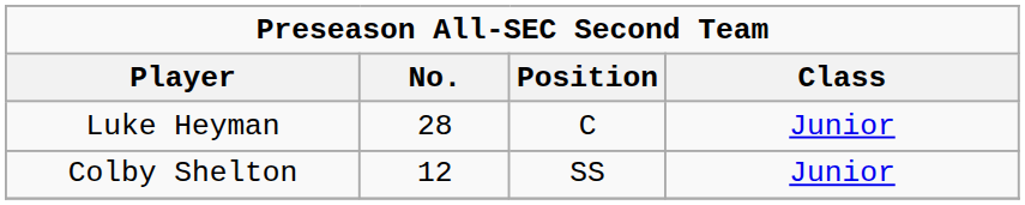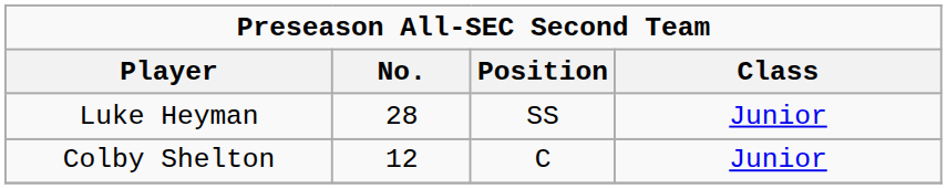 <table class="wikitable" style="text-align:center">
 <tr>
 <td colspan="5"><strong>Preseason All-SEC Second Team</strong></td>
 </tr>
 <tr>
 <th style="width:150px; ">Player</th>
 <th style="width:60px; ">No.</th>
 <th style="width:60px; ">Position</th>
 <th style="width:150px; ">Class</th>
 </tr>
 <tr>
 <td>Luke Heyman</td>
 <td>28</td>
-<td>C</td>
+<td>SS</td>
 <td><a href='#'>Junior</a></td>
 </tr>
 <tr>
 <td>Colby Shelton</td>
 <td>12</td>
-<td>SS</td>
+<td>C</td>
 <td><a href='#'>Junior</a></td>
 </tr>
 <tr>
 </tr>
 </table>
